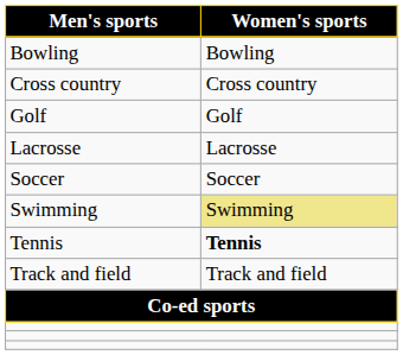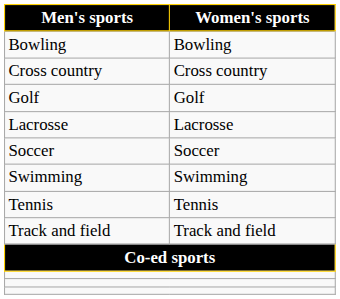 <table class="wikitable" style=" ">
 <tr>
 <th width= 150px style="background:black; color:white; border:1px solid #FFD100">Men's sports</th>
 <th width= 150px style="background:black; color:white; border:1px solid #FFD100">Women's sports</th>
 </tr>
 <tr>
 <td>Bowling</td>
 <td>Bowling</td>
 </tr>
 <tr>
 <td>Cross country</td>
 <td>Cross country</td>
 </tr>
 <tr>
 <td>Golf</td>
 <td>Golf</td>
 </tr>
 <tr>
 <td>Lacrosse</td>
 <td>Lacrosse</td>
 </tr>
 <tr>
 <td>Soccer</td>
 <td>Soccer</td>
 </tr>
 <tr>
 <td>Swimming</td>
-<td style="background: khaki;">Swimming</td>
+<td>Swimming</td>
 </tr>
 <tr>
 <td>Tennis</td>
-<td><strong>Tennis</strong></td>
+<td>Tennis</td>
 </tr>
 <tr>
 <td>Track and field</td>
 <td>Track and field</td>
 </tr>
 <tr>
 <th colspan=2 style="background:black; color:white; border:1px solid #FFD100">Co-ed sports</th>
 </tr>
 <tr>
 <td colspan=2></td>
 </tr>
 <tr>
 <td colspan=2></td>
 </tr>
 <tr>
 <td colspan=2></td>
 </tr>
 </table>
